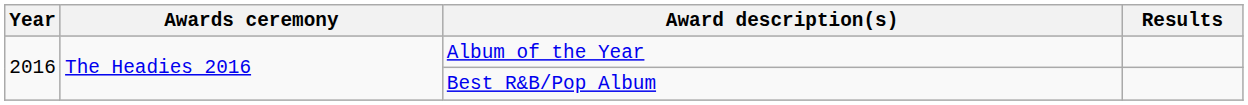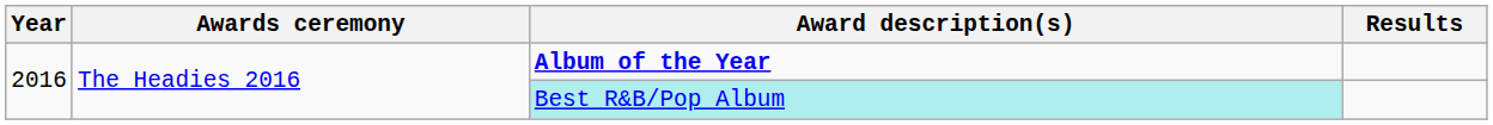 <table class="wikitable">
 <tr>
 <th>Year</th>
 <th style="width:250px;">Awards ceremony</th>
 <th style="width:450px;">Award description(s)</th>
 <th style="width:75px;">Results</th>
 </tr>
 <tr>
 <td rowspan="2">2016</td>
 <td rowspan="3"><a href='#'>The Headies 2016</a></td>
-<td><a href='#'>Album of the Year</a></td>
+<td><strong><a href='#'>Album of the Year</a></strong></td>
 <td></td>
 </tr>
 <tr>
-<td><a href='#'>Best R&B/Pop Album</a></td>
+<td style="background: paleturquoise;"><a href='#'>Best R&B/Pop Album</a></td>
 <td></td>
 </tr>
 </table>
